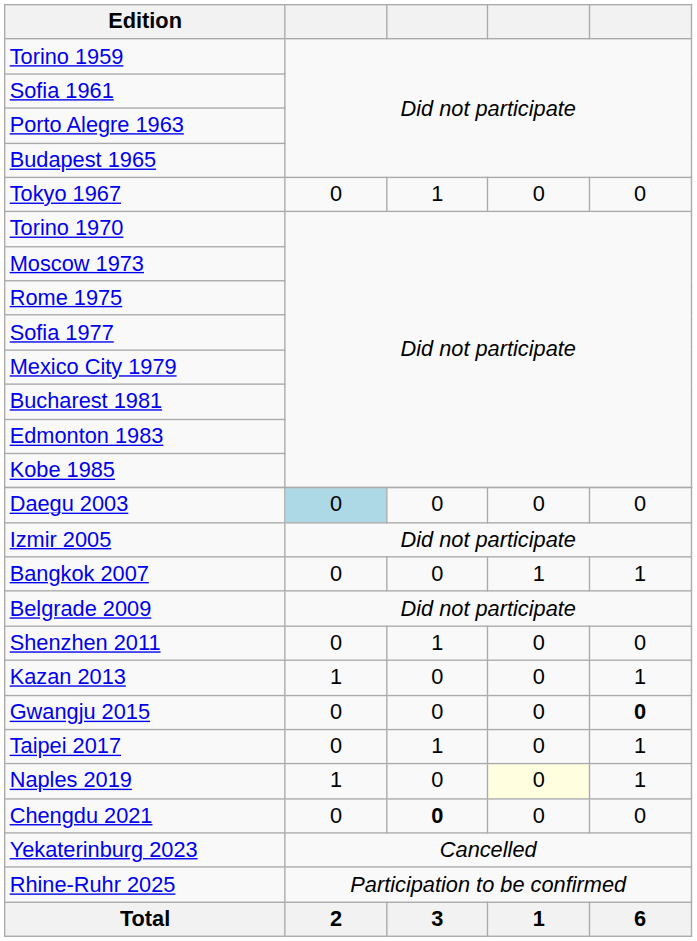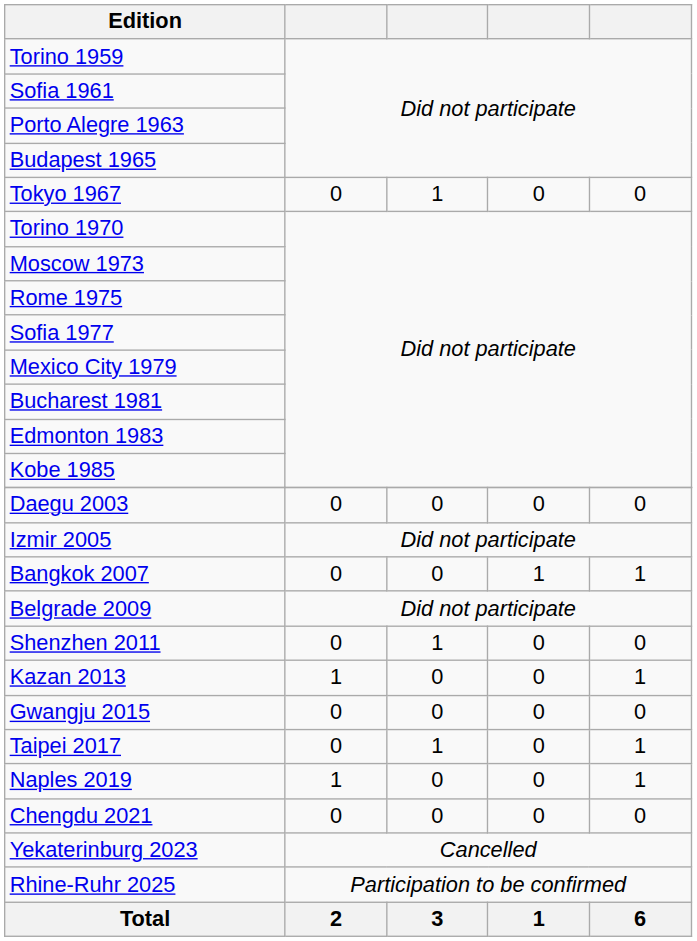 <table class="wikitable" width=40% style="font-size:100%; text-align:center;">
 <tr>
 <th>Edition</th>
 <th></th>
 <th></th>
 <th></th>
 <th></th>
 </tr>
 <tr>
 <td align=left> <a href='#'>Torino 1959</a></td>
 <td colspan=4 rowspan=4><em>Did not participate</em></td>
 </tr>
 <tr>
 <td align=left> <a href='#'>Sofia 1961</a></td>
 </tr>
 <tr>
 <td align=left> <a href='#'>Porto Alegre 1963</a></td>
 </tr>
 <tr>
 <td align=left> <a href='#'>Budapest 1965</a></td>
 </tr>
 <tr>
 <td align=left> <a href='#'>Tokyo 1967</a></td>
 <td>0</td>
 <td>1</td>
 <td>0</td>
 <td>0</td>
 </tr>
 <tr>
 <td align=left> <a href='#'>Torino 1970</a></td>
 <td colspan=4 rowspan=8><em>Did not participate</em></td>
 </tr>
 <tr>
 <td align=left> <a href='#'>Moscow 1973</a></td>
 </tr>
 <tr>
 <td align=left> <a href='#'>Rome 1975</a></td>
 </tr>
 <tr>
 <td align=left> <a href='#'>Sofia 1977</a></td>
 </tr>
 <tr>
 <td align=left> <a href='#'>Mexico City 1979</a></td>
 </tr>
 <tr>
 <td align=left> <a href='#'>Bucharest 1981</a></td>
 </tr>
 <tr>
 <td align=left> <a href='#'>Edmonton 1983</a></td>
 </tr>
 <tr>
 <td align=left> <a href='#'>Kobe 1985</a></td>
 </tr>
 <tr>
 </tr>
 <tr |align=left| >
 </tr>
 <tr>
 </tr>
 <tr |align=left| >
 </tr>
 <tr>
 </tr>
 <tr |align=left| >
 </tr>
 <tr>
 </tr>
 <tr |align=left| >
 </tr>
 <tr>
 </tr>
 <tr |align=left| >
 </tr>
 <tr>
 </tr>
 <tr |align=left| >
 </tr>
 <tr>
 </tr>
 <tr |align=left| >
 </tr>
 <tr>
 </tr>
 <tr |align=left| >
 </tr>
 <tr>
 <td align=left> <a href='#'>Daegu 2003</a></td>
-<td style="background: lightblue;">0</td>
+<td>0</td>
 <td>0</td>
 <td>0</td>
 <td>0</td>
 </tr>
 <tr>
 <td align=left> <a href='#'>Izmir 2005</a></td>
 <td colspan=4><em>Did not participate</em></td>
 </tr>
 <tr>
 <td align=left> <a href='#'>Bangkok 2007</a></td>
 <td>0</td>
 <td>0</td>
 <td>1</td>
 <td>1</td>
 </tr>
 <tr>
 <td align=left> <a href='#'>Belgrade 2009</a></td>
 <td colspan=4><em>Did not participate</em></td>
 </tr>
 <tr>
 <td align=left> <a href='#'>Shenzhen 2011</a></td>
 <td>0</td>
 <td>1</td>
 <td>0</td>
 <td>0</td>
 </tr>
 <tr>
 <td align=left> <a href='#'>Kazan 2013</a></td>
 <td>1</td>
 <td>0</td>
 <td>0</td>
 <td>1</td>
 </tr>
 <tr>
 <td align=left> <a href='#'>Gwangju 2015</a></td>
 <td>0</td>
 <td>0</td>
 <td>0</td>
-<td><strong>0</strong></td>
+<td>0</td>
 </tr>
 <tr>
 <td align=left> <a href='#'>Taipei 2017</a></td>
 <td>0</td>
 <td>1</td>
 <td>0</td>
 <td>1</td>
 </tr>
 <tr>
 <td align=left> <a href='#'>Naples 2019</a></td>
 <td>1</td>
 <td>0</td>
-<td style="background: lightyellow;">0</td>
+<td>0</td>
 <td>1</td>
 </tr>
 <tr>
 <td align=left> <a href='#'>Chengdu 2021</a></td>
 <td>0</td>
-<td><strong>0</strong></td>
+<td>0</td>
 <td>0</td>
 <td>0</td>
 </tr>
 <tr>
 <td align=left> <a href='#'> Yekaterinburg  2023</a></td>
 <td colspan=4><em>Cancelled</em></td>
 </tr>
 <tr>
 <td align=left> <a href='#'>Rhine-Ruhr 2025</a></td>
 <td colspan=4><em>Participation to be confirmed</em></td>
 </tr>
 <tr>
 <th align-right>Total</th>
 <th>2</th>
 <th>3</th>
 <th>1</th>
 <th>6</th>
 </tr>
 </table>
